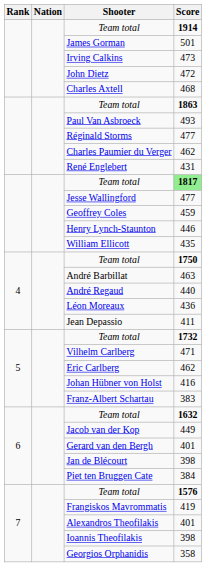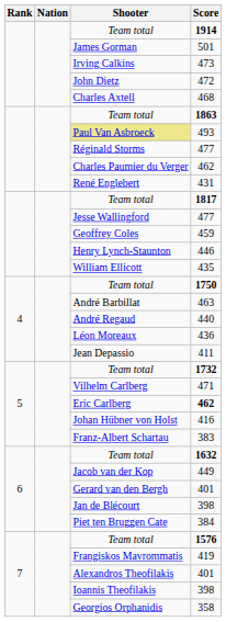 <table class="wikitable sortable" style="text-align:center">
 <tr>
 <th>Rank</th>
 <th>Nation</th>
 <th>Shooter</th>
 <th>Score</th>
 </tr>
 <tr>
 <td rowspan=5></td>
 <td rowspan=5 align=left></td>
 <td><em>Team total</em></td>
 <td><strong>1914</strong></td>
 </tr>
 <tr>
 <td align=left><a href='#'>James Gorman</a></td>
 <td>501</td>
 </tr>
 <tr>
 <td align=left><a href='#'>Irving Calkins</a></td>
 <td>473</td>
 </tr>
 <tr>
 <td align=left><a href='#'>John Dietz</a></td>
 <td>472</td>
 </tr>
 <tr>
 <td align=left><a href='#'>Charles Axtell</a></td>
 <td>468</td>
 </tr>
 <tr>
 <td rowspan=5></td>
 <td rowspan=5 align=left></td>
 <td><em>Team total</em></td>
 <td><strong>1863</strong></td>
 </tr>
 <tr>
-<td align=left><a href='#'>Paul Van Asbroeck</a></td>
+<td align=left style="background: khaki;"><a href='#'>Paul Van Asbroeck</a></td>
 <td>493</td>
 </tr>
 <tr>
 <td align=left><a href='#'>Réginald Storms</a></td>
 <td>477</td>
 </tr>
 <tr>
 <td align=left><a href='#'>Charles Paumier du Verger</a></td>
 <td>462</td>
 </tr>
 <tr>
 <td align=left><a href='#'>René Englebert</a></td>
 <td>431</td>
 </tr>
 <tr>
 <td rowspan=5></td>
 <td rowspan=5 align=left></td>
 <td><em>Team total</em></td>
-<td style="background: lightgreen;"><strong>1817</strong></td>
+<td><strong>1817</strong></td>
 </tr>
 <tr>
 <td align=left><a href='#'>Jesse Wallingford</a></td>
 <td>477</td>
 </tr>
 <tr>
 <td align=left><a href='#'>Geoffrey Coles</a></td>
 <td>459</td>
 </tr>
 <tr>
 <td align=left><a href='#'>Henry Lynch-Staunton</a></td>
 <td>446</td>
 </tr>
 <tr>
 <td align=left><a href='#'>William Ellicott</a></td>
 <td>435</td>
 </tr>
 <tr>
 <td rowspan=5>4</td>
 <td rowspan=5 align=left></td>
 <td><em>Team total</em></td>
 <td><strong>1750</strong></td>
 </tr>
 <tr>
 <td align=left>André Barbillat</td>
 <td>463</td>
 </tr>
 <tr>
 <td align=left><a href='#'>André Regaud</a></td>
 <td>440</td>
 </tr>
 <tr>
 <td align=left><a href='#'>Léon Moreaux</a></td>
 <td>436</td>
 </tr>
 <tr>
 <td align=left>Jean Depassio</td>
 <td>411</td>
 </tr>
 <tr>
 <td rowspan=5>5</td>
 <td rowspan=5 align=left></td>
 <td><em>Team total</em></td>
 <td><strong>1732</strong></td>
 </tr>
 <tr>
 <td align=left><a href='#'>Vilhelm Carlberg</a></td>
 <td>471</td>
 </tr>
 <tr>
 <td align=left><a href='#'>Eric Carlberg</a></td>
-<td>462</td>
+<td><strong>462</strong></td>
 </tr>
 <tr>
 <td align=left><a href='#'>Johan Hübner von Holst</a></td>
 <td>416</td>
 </tr>
 <tr>
 <td align=left><a href='#'>Franz-Albert Schartau</a></td>
 <td>383</td>
 </tr>
 <tr>
 <td rowspan=5>6</td>
 <td rowspan=5 align=left></td>
 <td><em>Team total</em></td>
 <td><strong>1632</strong></td>
 </tr>
 <tr>
 <td align=left><a href='#'>Jacob van der Kop</a></td>
 <td>449</td>
 </tr>
 <tr>
 <td align=left><a href='#'>Gerard van den Bergh</a></td>
 <td>401</td>
 </tr>
 <tr>
 <td align=left><a href='#'>Jan de Blécourt</a></td>
 <td>398</td>
 </tr>
 <tr>
 <td align=left><a href='#'>Piet ten Bruggen Cate</a></td>
 <td>384</td>
 </tr>
 <tr>
 <td rowspan=5>7</td>
 <td rowspan=5 align=left></td>
 <td><em>Team total</em></td>
 <td><strong>1576</strong></td>
 </tr>
 <tr>
 <td align=left><a href='#'>Frangiskos Mavrommatis</a></td>
 <td>419</td>
 </tr>
 <tr>
 <td align=left><a href='#'>Alexandros Theofilakis</a></td>
 <td>401</td>
 </tr>
 <tr>
 <td align=left><a href='#'>Ioannis Theofilakis</a></td>
 <td>398</td>
 </tr>
 <tr>
 <td align=left><a href='#'>Georgios Orphanidis</a></td>
 <td>358</td>
 </tr>
 </table>
